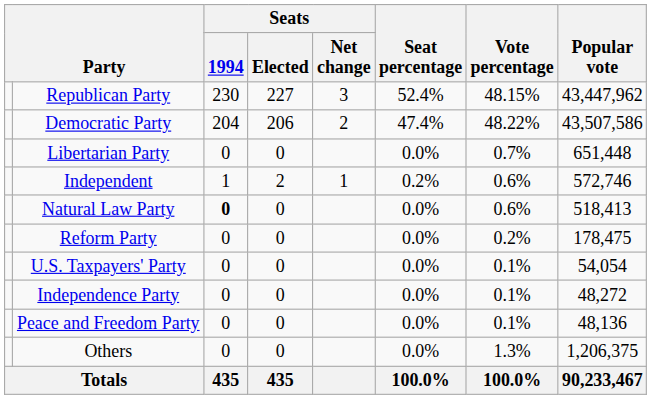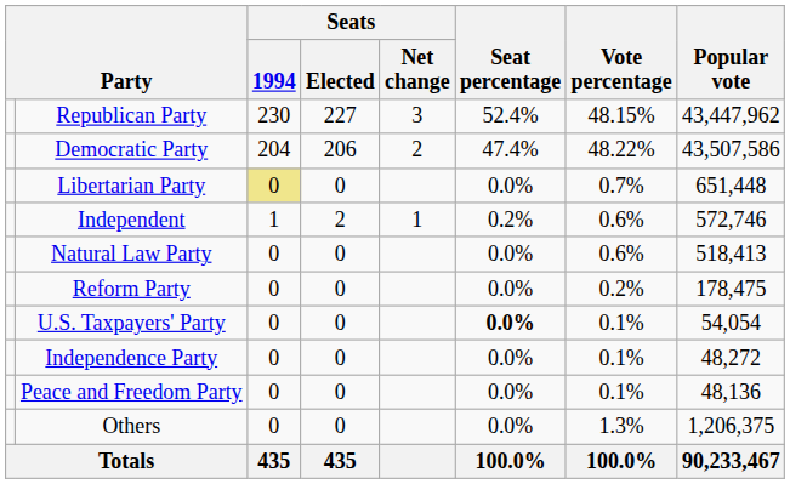 <table class="wikitable sortable" style="text-align:center">
 <tr valign=bottom>
 <th rowspan=2 colspan=2>Party</th>
 <th colspan=3>Seats</th>
 <th rowspan=2>Seat<br>percentage</th>
 <th rowspan=2>Vote<br>percentage</th>
 <th rowspan=2>Popular<br>vote</th>
 </tr>
 <tr valign=bottom>
 <th><a href='#'>1994</a></th>
 <th>Elected</th>
 <th>Net<br>change</th>
 </tr>
 <tr>
 <td></td>
 <td><a href='#'>Republican Party</a></td>
 <td>230</td>
 <td>227</td>
 <td> 3</td>
 <td>52.4%</td>
 <td>48.15%</td>
 <td>43,447,962</td>
 </tr>
 <tr>
 <td></td>
 <td><a href='#'>Democratic Party</a></td>
 <td>204</td>
 <td>206</td>
 <td> 2</td>
 <td>47.4%</td>
 <td>48.22%</td>
 <td>43,507,586</td>
 </tr>
 <tr>
 <td></td>
 <td><a href='#'>Libertarian Party</a></td>
-<td>0</td>
+<td style="background: khaki;">0</td>
 <td>0</td>
 <td></td>
 <td>0.0%</td>
 <td>0.7%</td>
 <td>651,448</td>
 </tr>
 <tr>
 <td></td>
 <td><a href='#'>Independent</a></td>
 <td>1</td>
 <td>2</td>
 <td> 1</td>
 <td>0.2%</td>
 <td>0.6%</td>
 <td>572,746</td>
 </tr>
 <tr>
 <td></td>
 <td><a href='#'>Natural Law Party</a></td>
-<td><strong>0</strong></td>
+<td>0</td>
 <td>0</td>
 <td></td>
 <td>0.0%</td>
 <td>0.6%</td>
 <td>518,413</td>
 </tr>
 <tr>
 <td></td>
 <td><a href='#'>Reform Party</a></td>
 <td>0</td>
 <td>0</td>
 <td></td>
 <td>0.0%</td>
 <td>0.2%</td>
 <td>178,475</td>
 </tr>
 <tr>
 <td></td>
 <td><a href='#'>U.S. Taxpayers' Party</a></td>
 <td>0</td>
 <td>0</td>
 <td></td>
-<td>0.0%</td>
+<td><strong>0.0%</strong></td>
 <td>0.1%</td>
 <td>54,054</td>
 </tr>
 <tr>
 <td></td>
 <td><a href='#'>Independence Party</a></td>
 <td>0</td>
 <td>0</td>
 <td></td>
 <td>0.0%</td>
 <td>0.1%</td>
 <td>48,272</td>
 </tr>
 <tr>
 <td></td>
 <td><a href='#'>Peace and Freedom Party</a></td>
 <td>0</td>
 <td>0</td>
 <td></td>
 <td>0.0%</td>
 <td>0.1%</td>
 <td>48,136</td>
 </tr>
 <tr>
 <td></td>
 <td>Others</td>
 <td>0</td>
 <td>0</td>
 <td></td>
 <td>0.0%</td>
 <td>1.3%</td>
 <td>1,206,375</td>
 </tr>
 <tr>
 <th colspan=2>Totals</th>
 <th>435</th>
 <th>435</th>
 <th></th>
 <th>100.0%</th>
 <th>100.0%</th>
 <th>90,233,467</th>
 </tr>
 </table>
